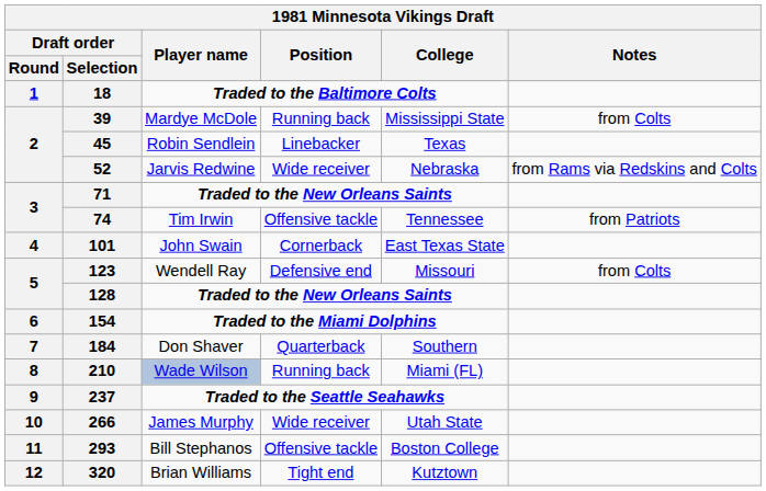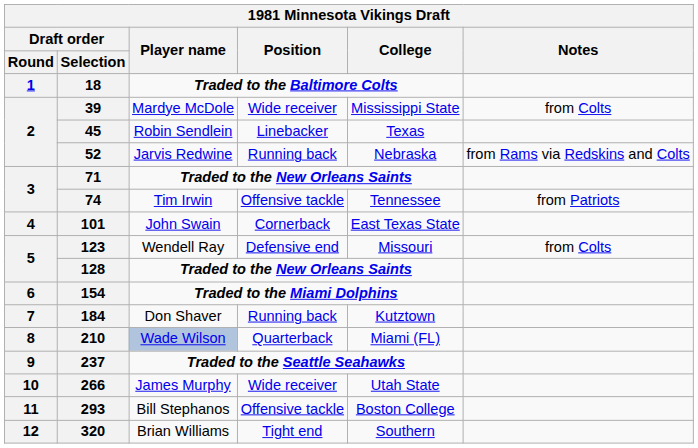 <table class="wikitable" style="text-align:center">
 <tr>
 <th colspan="6">1981 Minnesota Vikings Draft</th>
 </tr>
 <tr>
 <th colspan="2">Draft order</th>
 <th rowspan="2">Player name</th>
 <th rowspan="2">Position</th>
 <th rowspan="2">College</th>
 <th rowspan="2">Notes</th>
 </tr>
 <tr>
 <th>Round</th>
 <th>Selection</th>
 </tr>
 <tr>
 <th><a href='#'>1</a></th>
 <th>18</th>
 <td colspan="3"><strong><em>Traded to the <a href='#'>Baltimore Colts</a></em></strong></td>
 <td></td>
 </tr>
 <tr>
 <th rowspan="3">2</th>
 <th>39</th>
 <td><a href='#'>Mardye McDole</a></td>
-<td><a href='#'>Running back</a></td>
+<td><a href='#'>Wide receiver</a></td>
 <td><a href='#'>Mississippi State</a></td>
 <td>from <a href='#'>Colts</a></td>
 </tr>
 <tr>
 <th>45</th>
 <td><a href='#'>Robin Sendlein</a></td>
 <td><a href='#'>Linebacker</a></td>
 <td><a href='#'>Texas</a></td>
 <td></td>
 </tr>
 <tr>
 <th>52</th>
 <td><a href='#'>Jarvis Redwine</a></td>
-<td><a href='#'>Wide receiver</a></td>
+<td><a href='#'>Running back</a></td>
 <td><a href='#'>Nebraska</a></td>
 <td>from <a href='#'>Rams</a> via <a href='#'>Redskins</a> and <a href='#'>Colts</a></td>
 </tr>
 <tr>
 <th rowspan="2">3</th>
 <th>71</th>
 <td colspan="3"><strong><em>Traded to the <a href='#'>New Orleans Saints</a></em></strong></td>
 <td></td>
 </tr>
 <tr>
 <th>74</th>
 <td><a href='#'>Tim Irwin</a></td>
 <td><a href='#'>Offensive tackle</a></td>
 <td><a href='#'>Tennessee</a></td>
 <td>from <a href='#'>Patriots</a></td>
 </tr>
 <tr>
 <th>4</th>
 <th>101</th>
 <td><a href='#'>John Swain</a></td>
 <td><a href='#'>Cornerback</a></td>
 <td><a href='#'>East Texas State</a></td>
 <td></td>
 </tr>
 <tr>
 <th rowspan="2">5</th>
 <th>123</th>
 <td>Wendell Ray</td>
 <td><a href='#'>Defensive end</a></td>
 <td><a href='#'>Missouri</a></td>
 <td>from <a href='#'>Colts</a></td>
 </tr>
 <tr>
 <th>128</th>
 <td colspan="3"><strong><em>Traded to the <a href='#'>New Orleans Saints</a></em></strong></td>
 <td></td>
 </tr>
 <tr>
 <th>6</th>
 <th>154</th>
 <td colspan="3"><strong><em>Traded to the <a href='#'>Miami Dolphins</a></em></strong></td>
 <td></td>
 </tr>
 <tr>
 <th>7</th>
 <th>184</th>
 <td>Don Shaver</td>
-<td><a href='#'>Quarterback</a></td>
-<td><a href='#'>Southern</a></td>
+<td><a href='#'>Running back</a></td>
+<td><a href='#'>Kutztown</a></td>
 <td></td>
 </tr>
 <tr>
 <th>8</th>
 <th>210</th>
 <td bgcolor=lightsteelblue><a href='#'>Wade Wilson</a></td>
-<td><a href='#'>Running back</a></td>
+<td><a href='#'>Quarterback</a></td>
 <td><a href='#'>Miami (FL)</a></td>
 <td></td>
 </tr>
 <tr>
 <th>9</th>
 <th>237</th>
 <td colspan="3"><strong><em>Traded to the <a href='#'>Seattle Seahawks</a></em></strong></td>
 <td></td>
 </tr>
 <tr>
 <th>10</th>
 <th>266</th>
 <td><a href='#'>James Murphy</a></td>
 <td><a href='#'>Wide receiver</a></td>
 <td><a href='#'>Utah State</a></td>
 <td></td>
 </tr>
 <tr>
 <th>11</th>
 <th>293</th>
 <td>Bill Stephanos</td>
 <td><a href='#'>Offensive tackle</a></td>
 <td><a href='#'>Boston College</a></td>
 <td></td>
 </tr>
 <tr>
 <th>12</th>
 <th>320</th>
 <td>Brian Williams</td>
 <td><a href='#'>Tight end</a></td>
-<td><a href='#'>Kutztown</a></td>
+<td><a href='#'>Southern</a></td>
 <td></td>
 </tr>
 </table>
